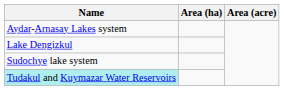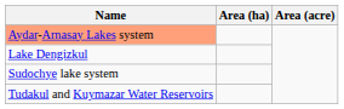 <table class="wikitable sortable">
 <tr>
 <th scope="col" align=left>Name</th>
 <th scope="col">Area (ha)</th>
 <th scope="col">Area (acre)</th>
 </tr>
 <tr ---->
-<td><a href='#'>Aydar</a>-<a href='#'>Arnasay Lakes</a> system</td>
+<td style="background: lightsalmon;"><a href='#'>Aydar</a>-<a href='#'>Arnasay Lakes</a> system</td>
 <td></td>
 </tr>
 <tr ---->
 <td><a href='#'>Lake Dengizkul</a></td>
 <td></td>
 </tr>
 <tr ---->
 <td><a href='#'>Sudochye</a> lake system</td>
 <td></td>
 </tr>
 <tr ---->
-<td style="background: paleturquoise;"><a href='#'>Tudakul</a> and <a href='#'>Kuymazar Water Reservoirs</a></td>
+<td><a href='#'>Tudakul</a> and <a href='#'>Kuymazar Water Reservoirs</a></td>
 <td></td>
 </tr>
 </table>
